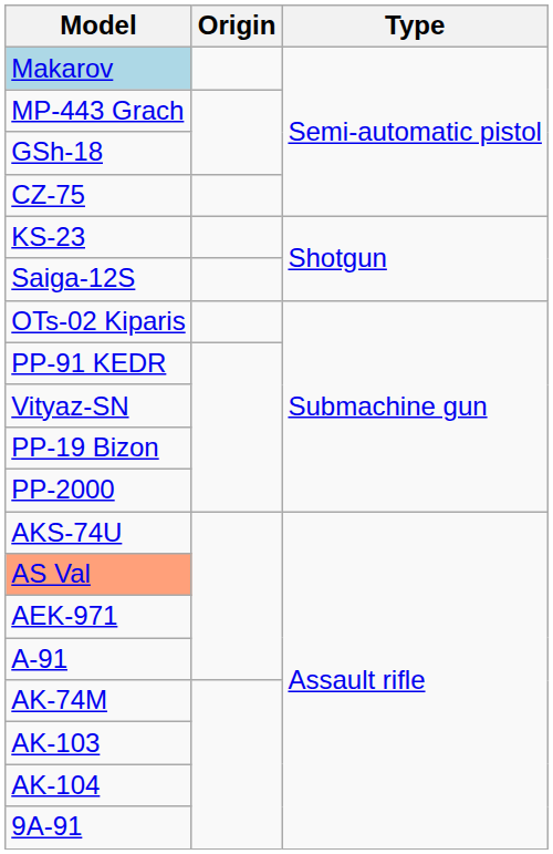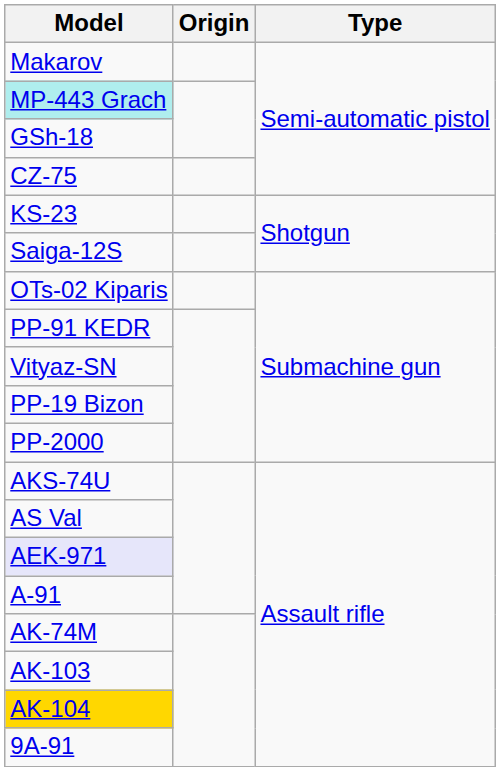 <table class="wikitable">
 <tr>
 <th>Model</th>
 <th>Origin</th>
 <th>Type</th>
 </tr>
 <tr>
-<td style="background: lightblue;"><a href='#'>Makarov</a></td>
+<td><a href='#'>Makarov</a></td>
 <td></td>
 <td rowspan="4"><a href='#'>Semi-automatic pistol</a></td>
 </tr>
 <tr>
-<td><a href='#'>MP-443 Grach</a></td>
+<td style="background: paleturquoise;"><a href='#'>MP-443 Grach</a></td>
 <td rowspan="2"></td>
 </tr>
 <tr>
 <td><a href='#'>GSh-18</a></td>
 </tr>
 <tr>
 <td><a href='#'>CZ-75</a></td>
 <td></td>
 </tr>
 <tr>
 <td><a href='#'>KS-23</a></td>
 <td></td>
 <td rowspan="2"><a href='#'>Shotgun</a></td>
 </tr>
 <tr>
 <td><a href='#'>Saiga-12S</a></td>
 <td></td>
 </tr>
 <tr>
 <td><a href='#'>OTs-02 Kiparis</a></td>
 <td></td>
 <td rowspan="5"><a href='#'>Submachine gun</a></td>
 </tr>
 <tr>
 <td><a href='#'>PP-91 KEDR</a></td>
 <td rowspan="4"></td>
 </tr>
 <tr>
 <td><a href='#'>Vityaz-SN</a></td>
 </tr>
 <tr>
 <td><a href='#'>PP-19 Bizon</a></td>
 </tr>
 <tr>
 <td><a href='#'>PP-2000</a></td>
 </tr>
 <tr>
 <td><a href='#'>AKS-74U</a></td>
 <td rowspan="4"></td>
 <td rowspan="8"><a href='#'>Assault rifle</a></td>
 </tr>
 <tr>
-<td style="background: lightsalmon;"><a href='#'>AS Val</a></td>
+<td><a href='#'>AS Val</a></td>
 </tr>
 <tr>
-<td><a href='#'>AEK-971</a></td>
+<td style="background: lavender;"><a href='#'>AEK-971</a></td>
 </tr>
 <tr>
 <td><a href='#'>A-91</a></td>
 </tr>
 <tr>
 <td><a href='#'>AK-74M</a></td>
 <td rowspan="4"></td>
 </tr>
 <tr>
 <td><a href='#'>AK-103</a></td>
 </tr>
 <tr>
-<td><a href='#'>AK-104</a></td>
+<td style="background: gold;"><a href='#'>AK-104</a></td>
 </tr>
 <tr>
 <td><a href='#'>9A-91</a></td>
 </tr>
 </table>
